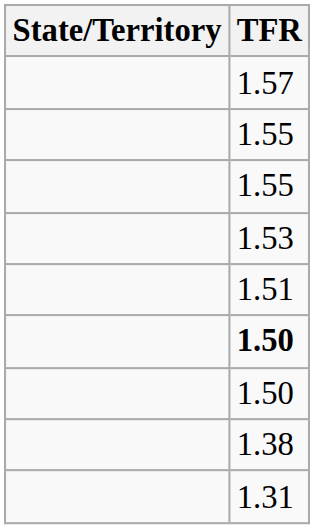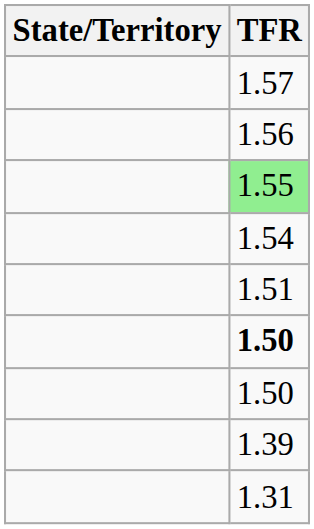 <table class="wikitable sortable">
 <tr>
 <th>State/Territory</th>
 <th>TFR</th>
 </tr>
 <tr>
 <td></td>
 <td>1.57</td>
 </tr>
 <tr>
 <td></td>
-<td>1.55</td>
+<td>1.56</td>
 </tr>
 <tr>
 <td></td>
-<td>1.55</td>
+<td style="background: lightgreen;">1.55</td>
 </tr>
 <tr>
 <td></td>
-<td>1.53</td>
+<td>1.54</td>
 </tr>
 <tr>
 <td></td>
 <td>1.51</td>
 </tr>
 <tr>
 <td><strong></strong></td>
 <td><strong>1.50</strong></td>
 </tr>
 <tr>
 <td></td>
 <td>1.50</td>
 </tr>
 <tr>
 <td></td>
-<td>1.38</td>
+<td>1.39</td>
 </tr>
 <tr>
 <td></td>
 <td>1.31</td>
 </tr>
 </table>
